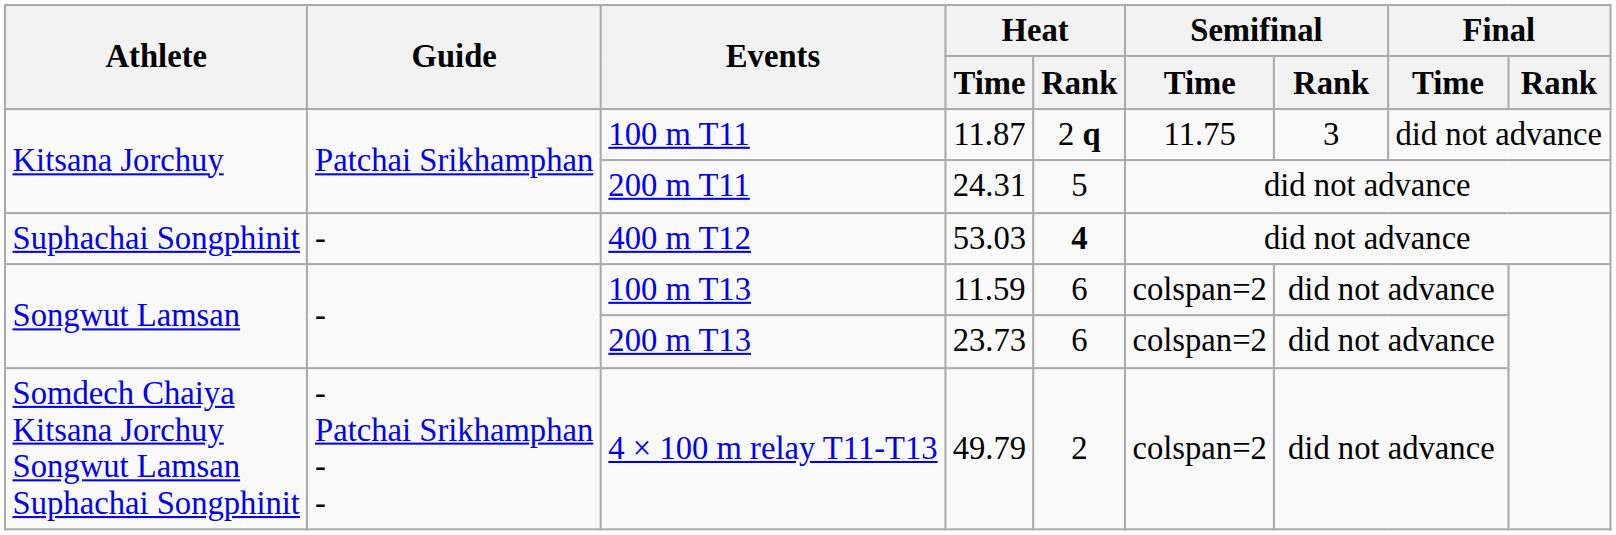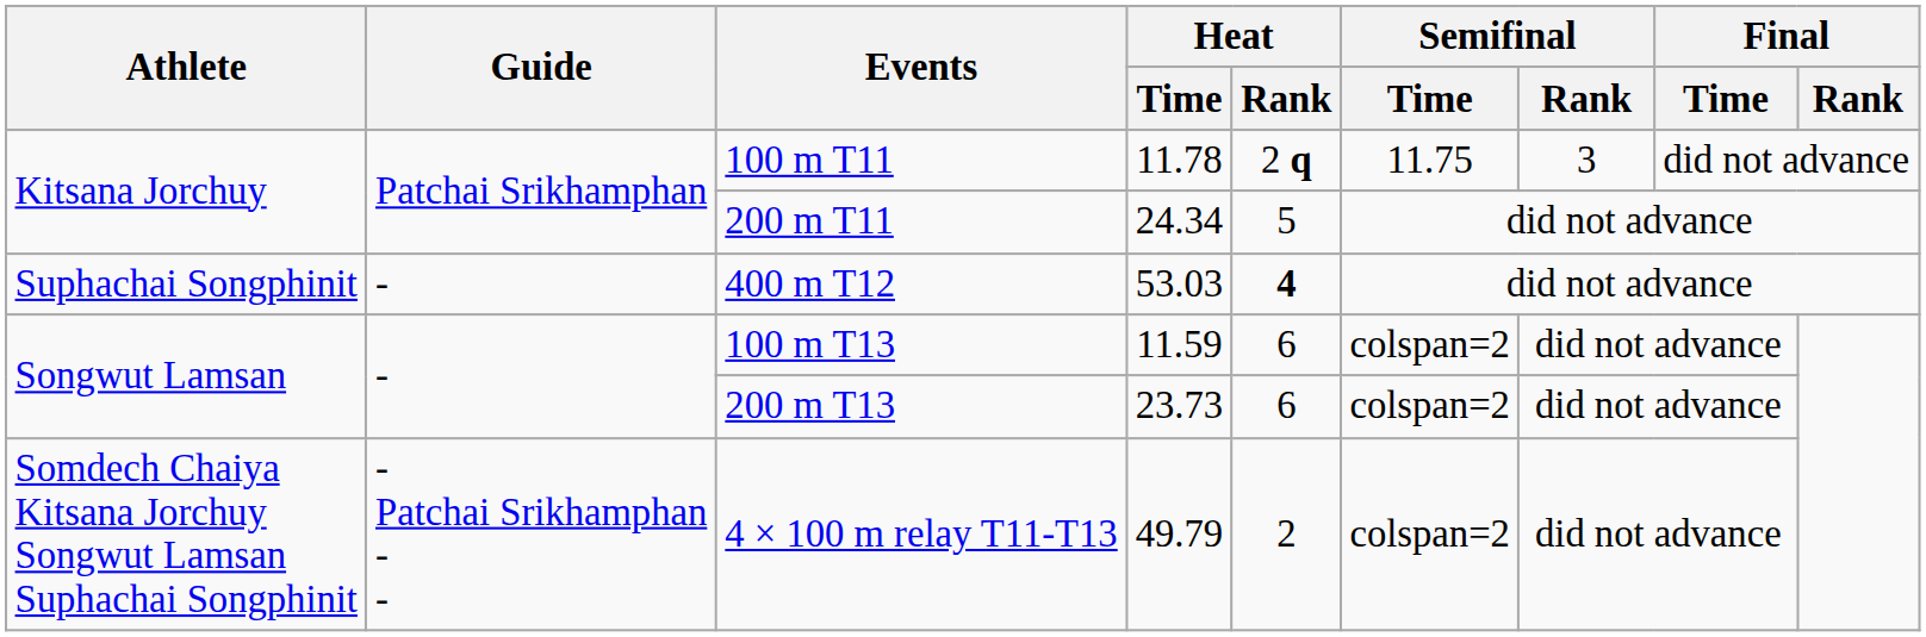 <table class=wikitable>
 <tr>
 <th rowspan="2">Athlete</th>
 <th rowspan="2">Guide</th>
 <th rowspan="2">Events</th>
 <th colspan="2">Heat</th>
 <th colspan="2">Semifinal</th>
 <th colspan="2">Final</th>
 </tr>
 <tr>
 <th>Time</th>
 <th>Rank</th>
 <th>Time</th>
 <th>Rank</th>
 <th>Time</th>
 <th>Rank</th>
 </tr>
 <tr align=center>
 <td rowspan="2" align=left><a href='#'>Kitsana Jorchuy</a></td>
 <td rowspan="2" align=left><a href='#'>Patchai Srikhamphan</a></td>
 <td align=left><a href='#'>100 m T11</a></td>
-<td>11.87</td>
+<td>11.78</td>
 <td>2 <strong>q</strong></td>
 <td>11.75</td>
 <td>3</td>
 <td colspan=2>did not advance</td>
 </tr>
 <tr align=center>
 <td align=left><a href='#'>200 m T11</a></td>
-<td>24.31</td>
+<td>24.34</td>
 <td>5</td>
 <td colspan=4>did not advance</td>
 </tr>
 <tr align=center>
 <td align=left><a href='#'>Suphachai Songphinit</a></td>
 <td align=left>-</td>
 <td align=left><a href='#'>400 m T12</a></td>
 <td>53.03</td>
 <td><strong>4</strong></td>
 <td colspan=4>did not advance</td>
 </tr>
 <tr align=center>
 <td rowspan="2" align=left><a href='#'>Songwut Lamsan</a></td>
 <td rowspan=2 align=left>-</td>
 <td align=left><a href='#'>100 m T13</a></td>
 <td>11.59</td>
 <td>6</td>
 <td>colspan=2 </td>
 <td colspan=2>did not advance</td>
 </tr>
 <tr align=center>
 <td align=left><a href='#'>200 m T13</a></td>
 <td>23.73</td>
 <td>6</td>
 <td>colspan=2 </td>
 <td colspan=2>did not advance</td>
 </tr>
 <tr align=center>
 <td align=left><a href='#'>Somdech Chaiya</a><br><a href='#'>Kitsana Jorchuy</a><br><a href='#'>Songwut Lamsan</a><br><a href='#'>Suphachai Songphinit</a></td>
 <td align=left>-<br><a href='#'>Patchai Srikhamphan</a><br>-<br>-</td>
 <td align=left><a href='#'>4 × 100 m relay T11-T13</a></td>
 <td>49.79</td>
 <td>2</td>
 <td>colspan=2 </td>
 <td colspan=2>did not advance</td>
 </tr>
 </table>
